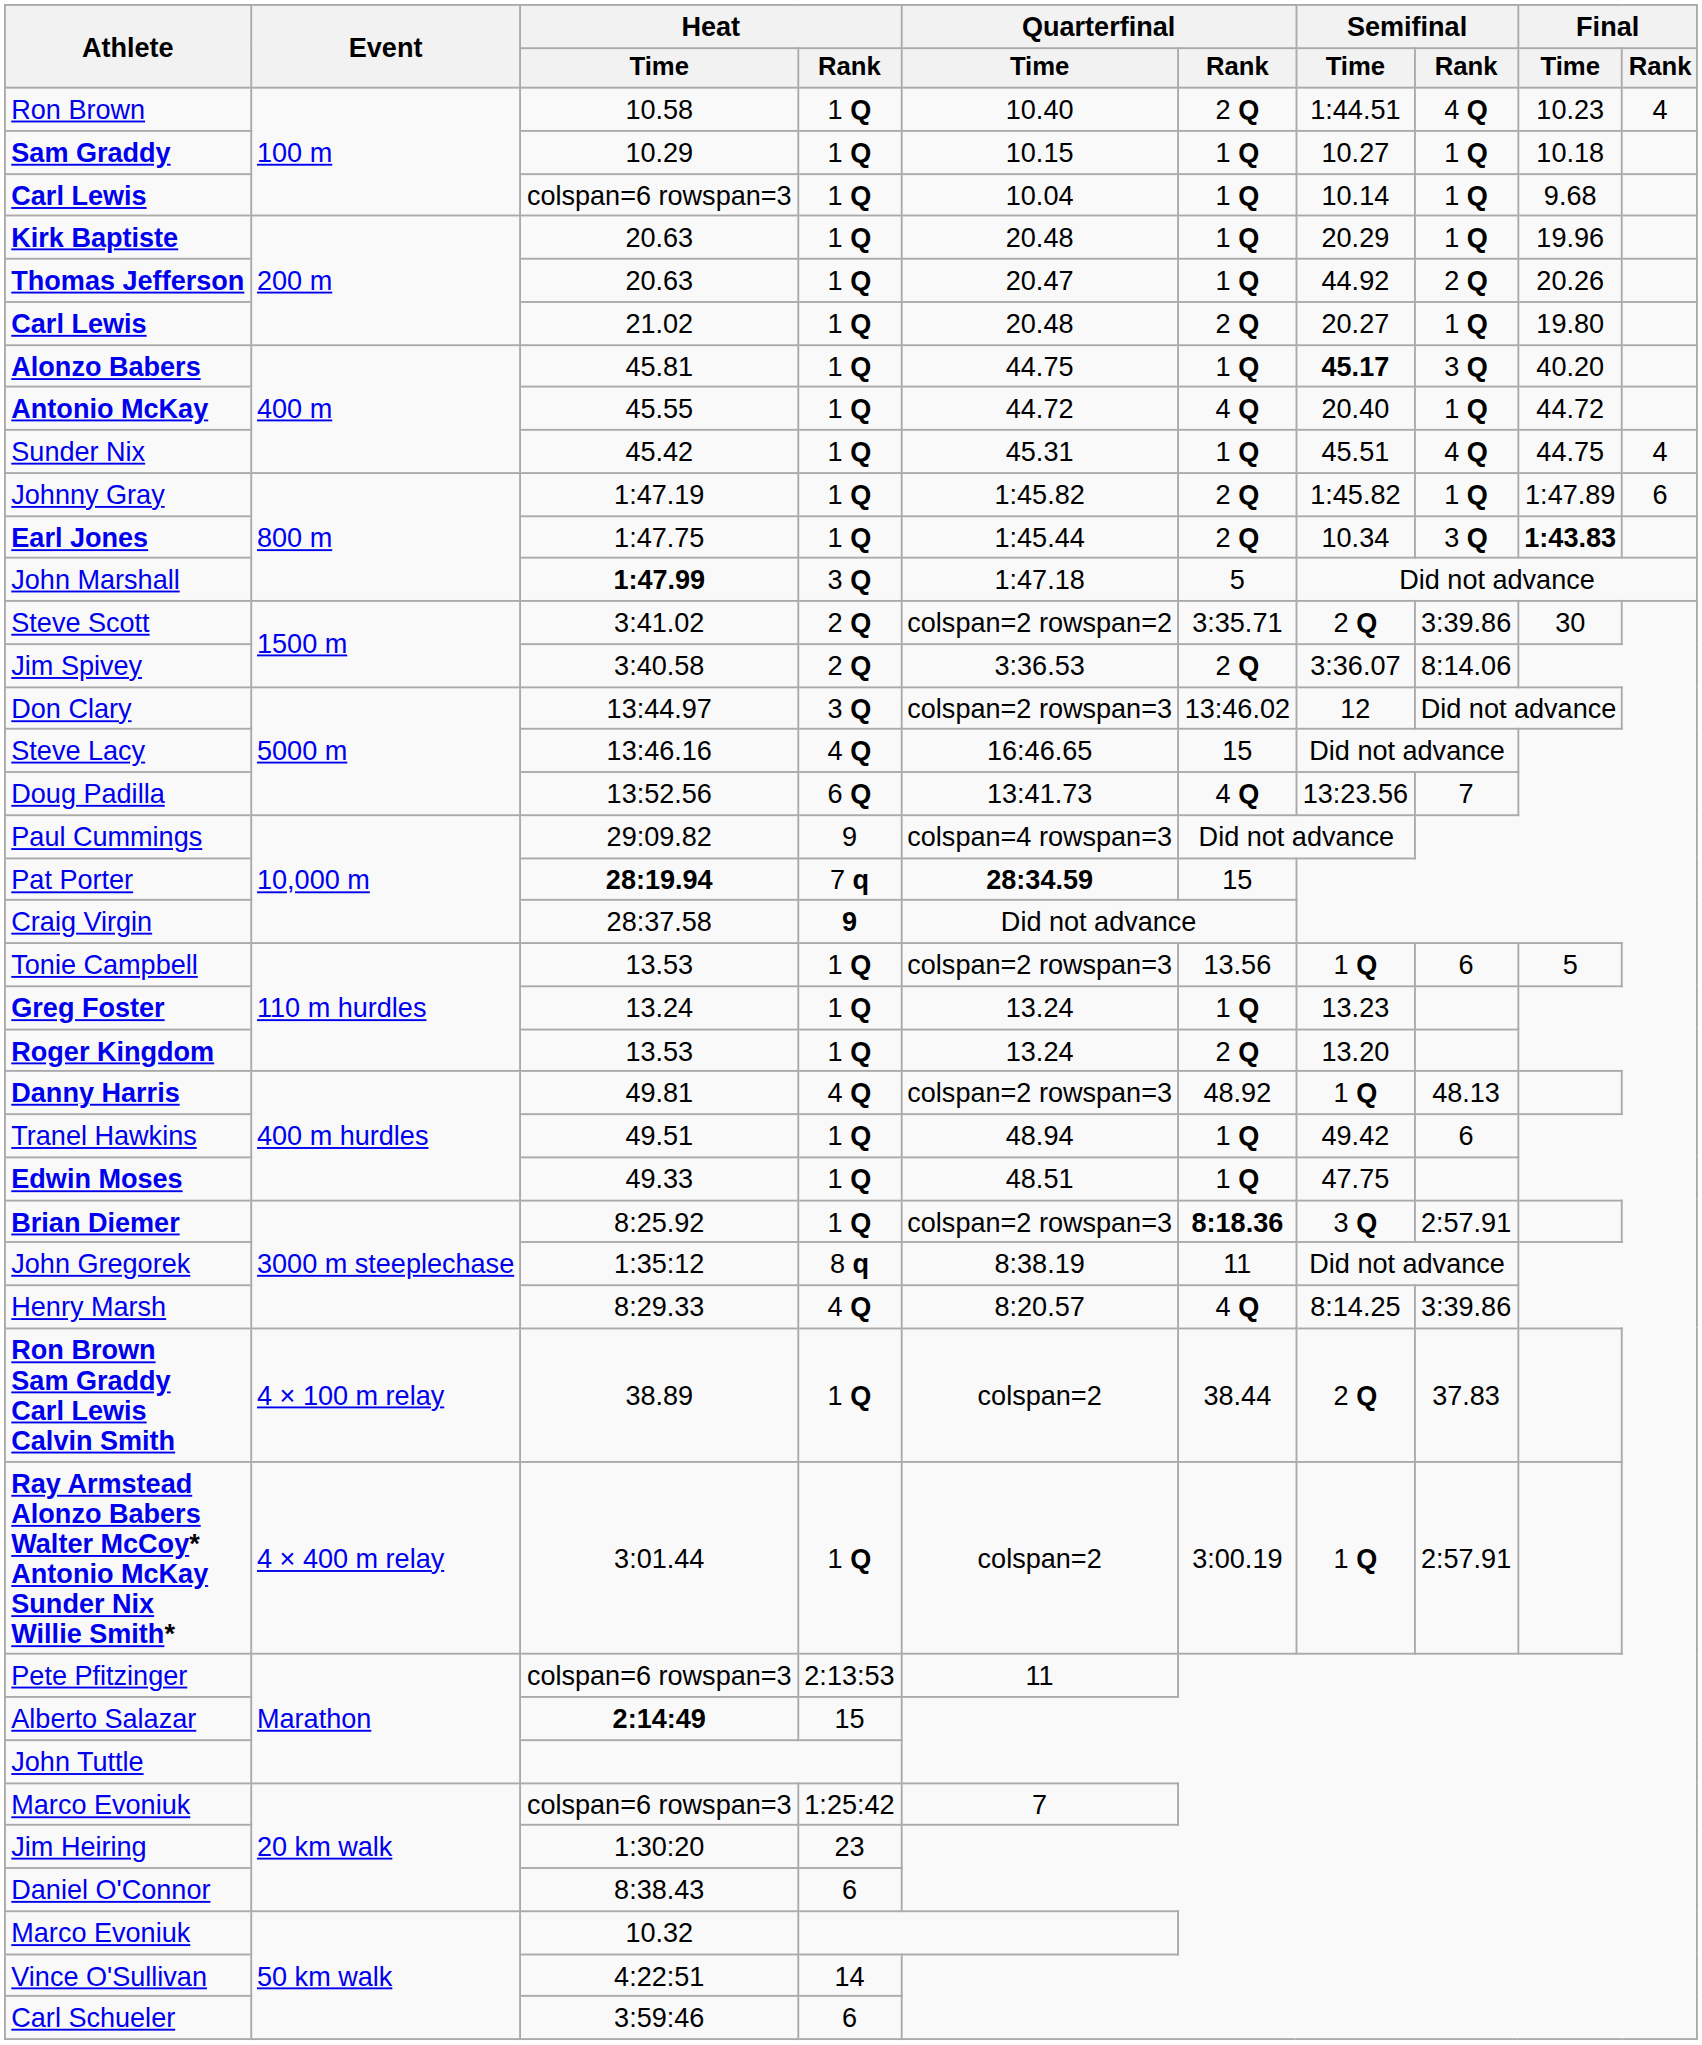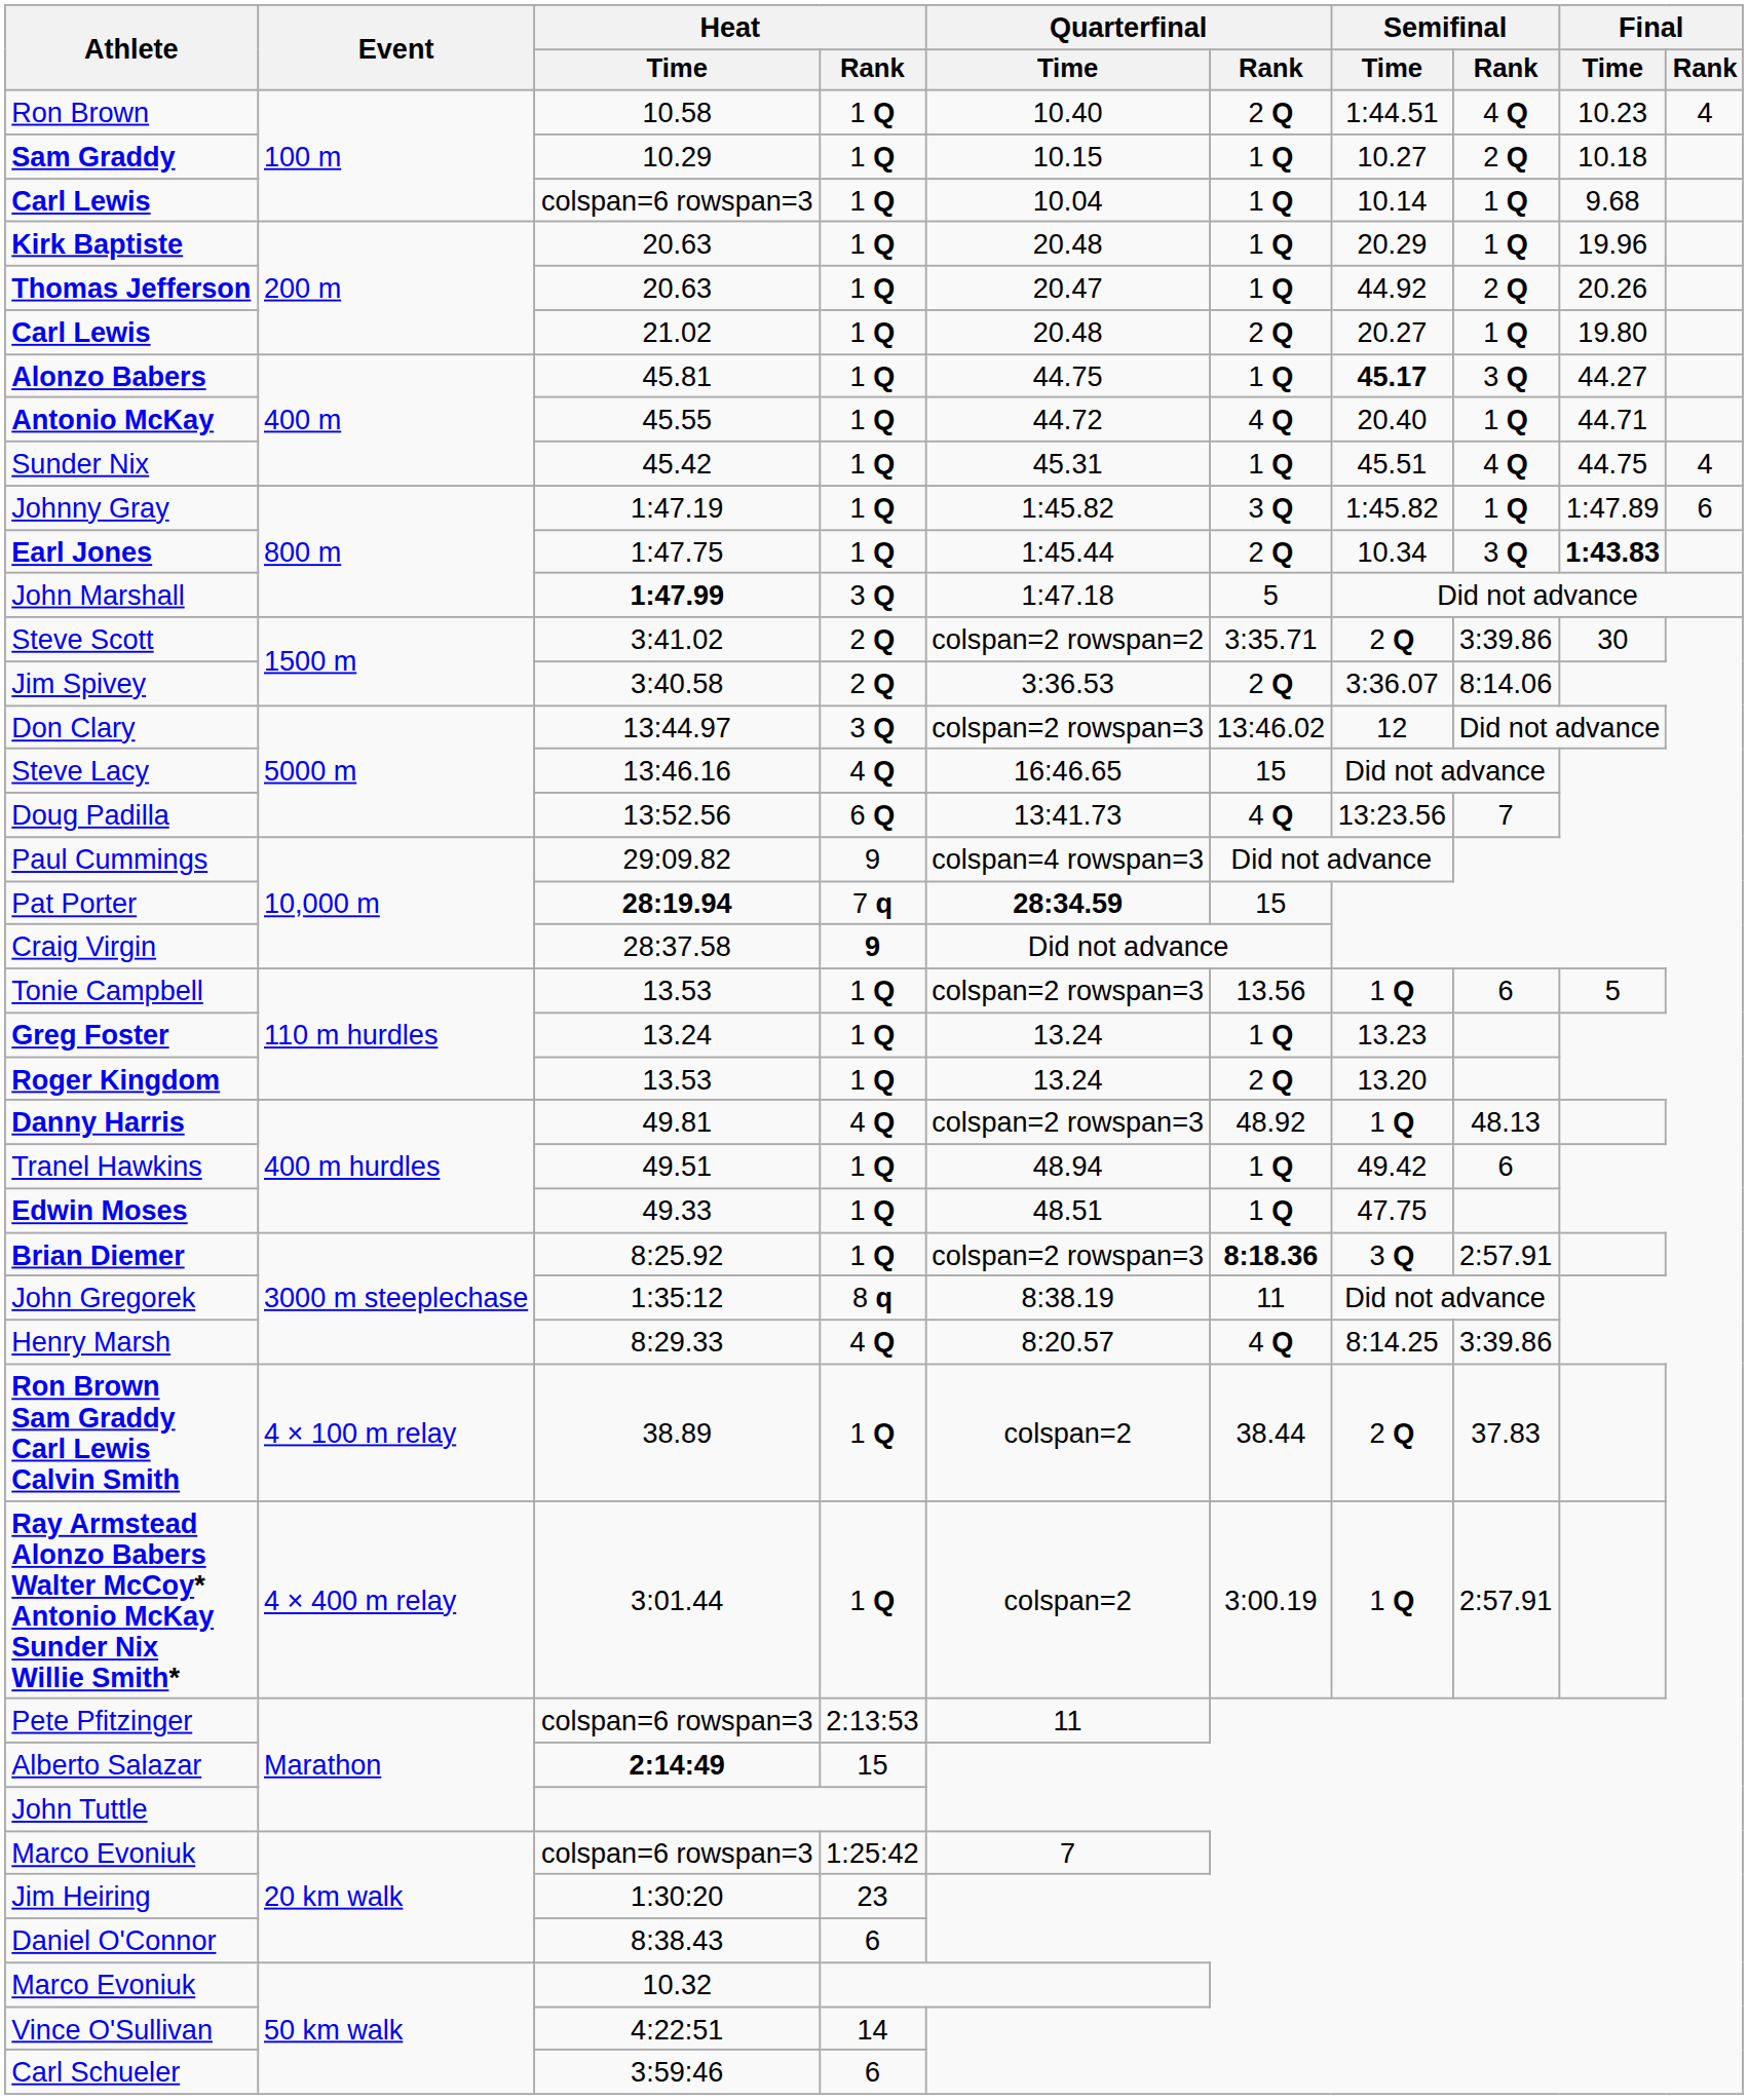 <table class=wikitable style=font-size:90%;text-align:center>
 <tr>
 <th rowspan=2>Athlete</th>
 <th rowspan=2>Event</th>
 <th colspan=2>Heat</th>
 <th colspan=2>Quarterfinal</th>
 <th colspan=2>Semifinal</th>
 <th colspan=2>Final</th>
 </tr>
 <tr style=font-size:95%>
 <th>Time</th>
 <th>Rank</th>
 <th>Time</th>
 <th>Rank</th>
 <th>Time</th>
 <th>Rank</th>
 <th>Time</th>
 <th>Rank</th>
 </tr>
 <tr>
 <td align=left><a href='#'>Ron Brown</a></td>
 <td align=left rowspan=3><a href='#'>100 m</a></td>
 <td>10.58</td>
 <td>1 <strong>Q</strong></td>
 <td>10.40</td>
 <td>2 <strong>Q</strong></td>
 <td>1:44.51</td>
 <td>4 <strong>Q</strong></td>
 <td>10.23</td>
 <td>4</td>
 </tr>
 <tr>
 <td align=left><strong><a href='#'>Sam Graddy</a></strong></td>
 <td>10.29</td>
 <td>1 <strong>Q</strong></td>
 <td>10.15</td>
 <td>1 <strong>Q</strong></td>
 <td>10.27</td>
-<td>1 <strong>Q</strong></td>
+<td>2 <strong>Q</strong></td>
 <td>10.18</td>
 <td></td>
 </tr>
 <tr>
 <td align=left><strong><a href='#'>Carl Lewis</a></strong></td>
 <td>colspan=6 rowspan=3 </td>
 <td>1 <strong>Q</strong></td>
 <td>10.04</td>
 <td>1 <strong>Q</strong></td>
 <td>10.14</td>
 <td>1 <strong>Q</strong></td>
 <td>9.68</td>
 <td></td>
 </tr>
 <tr>
 <td align=left><strong><a href='#'>Kirk Baptiste</a></strong></td>
 <td align=left rowspan=3><a href='#'>200 m</a></td>
 <td>20.63</td>
 <td>1 <strong>Q</strong></td>
 <td>20.48</td>
 <td>1 <strong>Q</strong></td>
 <td>20.29</td>
 <td>1 <strong>Q</strong></td>
 <td>19.96</td>
 <td></td>
 </tr>
 <tr>
 <td align=left><strong><a href='#'>Thomas Jefferson</a></strong></td>
 <td>20.63</td>
 <td>1 <strong>Q</strong></td>
 <td>20.47</td>
 <td>1 <strong>Q</strong></td>
 <td>44.92</td>
 <td>2 <strong>Q</strong></td>
 <td>20.26</td>
 <td></td>
 </tr>
 <tr>
 <td align=left><strong><a href='#'>Carl Lewis</a></strong></td>
 <td>21.02</td>
 <td>1 <strong>Q</strong></td>
 <td>20.48</td>
 <td>2 <strong>Q</strong></td>
 <td>20.27</td>
 <td>1 <strong>Q</strong></td>
 <td>19.80 </td>
 <td></td>
 </tr>
 <tr>
 <td align=left><strong><a href='#'>Alonzo Babers</a></strong></td>
 <td align=left rowspan=3><a href='#'>400 m</a></td>
 <td>45.81</td>
 <td>1 <strong>Q</strong></td>
 <td>44.75</td>
 <td>1 <strong>Q</strong></td>
 <td><strong>45.17</strong></td>
 <td>3 <strong>Q</strong></td>
-<td>40.20</td>
+<td>44.27</td>
 <td></td>
 </tr>
 <tr>
 <td align=left><strong><a href='#'>Antonio McKay</a></strong></td>
 <td>45.55</td>
 <td>1 <strong>Q</strong></td>
 <td>44.72</td>
 <td>4 <strong>Q</strong></td>
 <td>20.40</td>
 <td>1 <strong>Q</strong></td>
-<td>44.72</td>
+<td>44.71</td>
 <td></td>
 </tr>
 <tr>
 <td align=left><a href='#'>Sunder Nix</a></td>
 <td>45.42</td>
 <td>1 <strong>Q</strong></td>
 <td>45.31</td>
 <td>1 <strong>Q</strong></td>
 <td>45.51</td>
 <td>4 <strong>Q</strong></td>
 <td>44.75</td>
 <td>4</td>
 </tr>
 <tr>
 <td align=left><a href='#'>Johnny Gray</a></td>
 <td align=left rowspan=3><a href='#'>800 m</a></td>
 <td>1:47.19</td>
 <td>1 <strong>Q</strong></td>
 <td>1:45.82</td>
-<td>2 <strong>Q</strong></td>
+<td>3 <strong>Q</strong></td>
 <td>1:45.82</td>
 <td>1 <strong>Q</strong></td>
 <td>1:47.89</td>
 <td>6</td>
 </tr>
 <tr>
 <td align=left><strong><a href='#'>Earl Jones</a></strong></td>
 <td>1:47.75</td>
 <td>1 <strong>Q</strong></td>
 <td>1:45.44</td>
 <td>2 <strong>Q</strong></td>
 <td>10.34</td>
 <td>3 <strong>Q</strong></td>
 <td><strong>1:43.83</strong></td>
 <td></td>
 </tr>
 <tr>
 <td align=left><a href='#'>John Marshall</a></td>
 <td><strong>1:47.99</strong></td>
 <td>3 <strong>Q</strong></td>
 <td>1:47.18</td>
 <td>5</td>
 <td colspan=4>Did not advance</td>
 </tr>
 <tr>
 <td align=left><a href='#'>Steve Scott</a></td>
 <td align=left rowspan=2><a href='#'>1500 m</a></td>
 <td>3:41.02</td>
 <td>2 <strong>Q</strong></td>
 <td>colspan=2 rowspan=2 </td>
 <td>3:35.71</td>
 <td>2 <strong>Q</strong></td>
 <td>3:39.86</td>
 <td>30</td>
 </tr>
 <tr>
 <td align=left><a href='#'>Jim Spivey</a></td>
 <td>3:40.58</td>
 <td>2 <strong>Q</strong></td>
 <td>3:36.53</td>
 <td>2 <strong>Q</strong></td>
 <td>3:36.07</td>
 <td>8:14.06</td>
 </tr>
 <tr>
 <td align=left><a href='#'>Don Clary</a></td>
 <td align=left rowspan=3><a href='#'>5000 m</a></td>
 <td>13:44.97</td>
 <td>3 <strong>Q</strong></td>
 <td>colspan=2 rowspan=3 </td>
 <td>13:46.02</td>
 <td>12</td>
 <td colspan=2>Did not advance</td>
 </tr>
 <tr>
 <td align=left><a href='#'>Steve Lacy</a></td>
 <td>13:46.16</td>
 <td>4 <strong>Q</strong></td>
 <td>16:46.65</td>
 <td>15</td>
 <td colspan=2>Did not advance</td>
 </tr>
 <tr>
 <td align=left><a href='#'>Doug Padilla</a></td>
 <td>13:52.56</td>
 <td>6 <strong>Q</strong></td>
 <td>13:41.73</td>
 <td>4 <strong>Q</strong></td>
 <td>13:23.56</td>
 <td>7</td>
 </tr>
 <tr>
 <td align=left><a href='#'>Paul Cummings</a></td>
 <td align=left rowspan=3><a href='#'>10,000 m</a></td>
 <td>29:09.82</td>
 <td>9</td>
 <td>colspan=4 rowspan=3 </td>
 <td colspan=2>Did not advance</td>
 </tr>
 <tr>
 <td align=left><a href='#'>Pat Porter</a></td>
 <td><strong>28:19.94</strong></td>
 <td>7 <strong>q</strong></td>
 <td><strong>28:34.59</strong></td>
 <td>15</td>
 </tr>
 <tr>
 <td align=left><a href='#'>Craig Virgin</a></td>
 <td>28:37.58</td>
 <td><strong>9</strong></td>
 <td colspan=2>Did not advance</td>
 </tr>
 <tr>
 <td align=left><a href='#'>Tonie Campbell</a></td>
 <td align=left rowspan=3><a href='#'>110 m hurdles</a></td>
 <td>13.53</td>
 <td>1 <strong>Q</strong></td>
 <td>colspan=2 rowspan=3 </td>
 <td>13.56</td>
 <td>1 <strong>Q</strong></td>
 <td>6</td>
 <td>5</td>
 </tr>
 <tr>
 <td align=left><strong><a href='#'>Greg Foster</a></strong></td>
 <td>13.24</td>
 <td>1 <strong>Q</strong></td>
 <td>13.24</td>
 <td>1 <strong>Q</strong></td>
 <td>13.23</td>
 <td></td>
 </tr>
 <tr>
 <td align=left><strong><a href='#'>Roger Kingdom</a></strong></td>
 <td>13.53</td>
 <td>1 <strong>Q</strong></td>
 <td>13.24</td>
 <td>2 <strong>Q</strong></td>
 <td>13.20 </td>
 <td></td>
 </tr>
 <tr>
 <td align=left><strong><a href='#'>Danny Harris</a></strong></td>
 <td align=left rowspan=3><a href='#'>400 m hurdles</a></td>
 <td>49.81</td>
 <td>4 <strong>Q</strong></td>
 <td>colspan=2 rowspan=3 </td>
 <td>48.92</td>
 <td>1 <strong>Q</strong></td>
 <td>48.13</td>
 <td></td>
 </tr>
 <tr>
 <td align=left><a href='#'>Tranel Hawkins</a></td>
 <td>49.51</td>
 <td>1 <strong>Q</strong></td>
 <td>48.94</td>
 <td>1 <strong>Q</strong></td>
 <td>49.42</td>
 <td>6</td>
 </tr>
 <tr>
 <td align=left><strong><a href='#'>Edwin Moses</a></strong></td>
 <td>49.33</td>
 <td>1 <strong>Q</strong></td>
 <td>48.51</td>
 <td>1 <strong>Q</strong></td>
 <td>47.75</td>
 <td></td>
 </tr>
 <tr>
 <td align=left><strong><a href='#'>Brian Diemer</a></strong></td>
 <td align=left rowspan=3><a href='#'>3000 m steeplechase</a></td>
 <td>8:25.92</td>
 <td>1 <strong>Q</strong></td>
 <td>colspan=2 rowspan=3 </td>
 <td><strong>8:18.36</strong></td>
 <td>3 <strong>Q</strong></td>
 <td>2:57.91</td>
 <td></td>
 </tr>
 <tr>
 <td align=left><a href='#'>John Gregorek</a></td>
 <td>1:35:12</td>
 <td>8 <strong>q</strong></td>
 <td>8:38.19</td>
 <td>11</td>
 <td colspan=2>Did not advance</td>
 </tr>
 <tr>
 <td align=left><a href='#'>Henry Marsh</a></td>
 <td>8:29.33</td>
 <td>4 <strong>Q</strong></td>
 <td>8:20.57</td>
 <td>4 <strong>Q</strong></td>
 <td>8:14.25</td>
 <td>3:39.86</td>
 </tr>
 <tr>
 <td align=left><strong><a href='#'>Ron Brown</a><br><a href='#'>Sam Graddy</a><br><a href='#'>Carl Lewis</a><br><a href='#'>Calvin Smith</a></strong></td>
 <td align=left><a href='#'>4 × 100 m relay</a></td>
 <td>38.89</td>
 <td>1 <strong>Q</strong></td>
 <td>colspan=2 </td>
 <td>38.44</td>
 <td>2 <strong>Q</strong></td>
 <td>37.83 </td>
 <td></td>
 </tr>
 <tr>
 <td align=left><strong><a href='#'>Ray Armstead</a><br><a href='#'>Alonzo Babers</a><br><a href='#'>Walter McCoy</a>*<br><a href='#'>Antonio McKay</a><br><a href='#'>Sunder Nix</a><br><a href='#'>Willie Smith</a>*</strong></td>
 <td align=left><a href='#'>4 × 400 m relay</a></td>
 <td>3:01.44</td>
 <td>1 <strong>Q</strong></td>
 <td>colspan=2 </td>
 <td>3:00.19</td>
 <td>1 <strong>Q</strong></td>
 <td>2:57.91</td>
 <td></td>
 </tr>
 <tr>
 <td align=left><a href='#'>Pete Pfitzinger</a></td>
 <td align=left rowspan=3><a href='#'>Marathon</a></td>
 <td>colspan=6 rowspan=3 </td>
 <td>2:13:53</td>
 <td>11</td>
 </tr>
 <tr>
 <td align=left><a href='#'>Alberto Salazar</a></td>
 <td><strong>2:14:49</strong></td>
 <td>15</td>
 </tr>
 <tr>
 <td align=left><a href='#'>John Tuttle</a></td>
 <td colspan=2></td>
 </tr>
 <tr>
 <td align=left><a href='#'>Marco Evoniuk</a></td>
 <td align=left rowspan=3><a href='#'>20 km walk</a></td>
 <td>colspan=6 rowspan=3 </td>
 <td>1:25:42</td>
 <td>7</td>
 </tr>
 <tr>
 <td align=left><a href='#'>Jim Heiring</a></td>
 <td>1:30:20</td>
 <td>23</td>
 </tr>
 <tr>
 <td align=left><a href='#'>Daniel O'Connor</a></td>
 <td>8:38.43</td>
 <td>6</td>
 </tr>
 <tr>
 <td align=left><a href='#'>Marco Evoniuk</a></td>
 <td align=left rowspan=3><a href='#'>50 km walk</a></td>
 <td>10.32</td>
 <td colspan=2></td>
 </tr>
 <tr>
 <td align=left><a href='#'>Vince O'Sullivan</a></td>
 <td>4:22:51</td>
 <td>14</td>
 </tr>
 <tr>
 <td align=left><a href='#'>Carl Schueler</a></td>
 <td>3:59:46</td>
 <td>6</td>
 </tr>
 </table>
